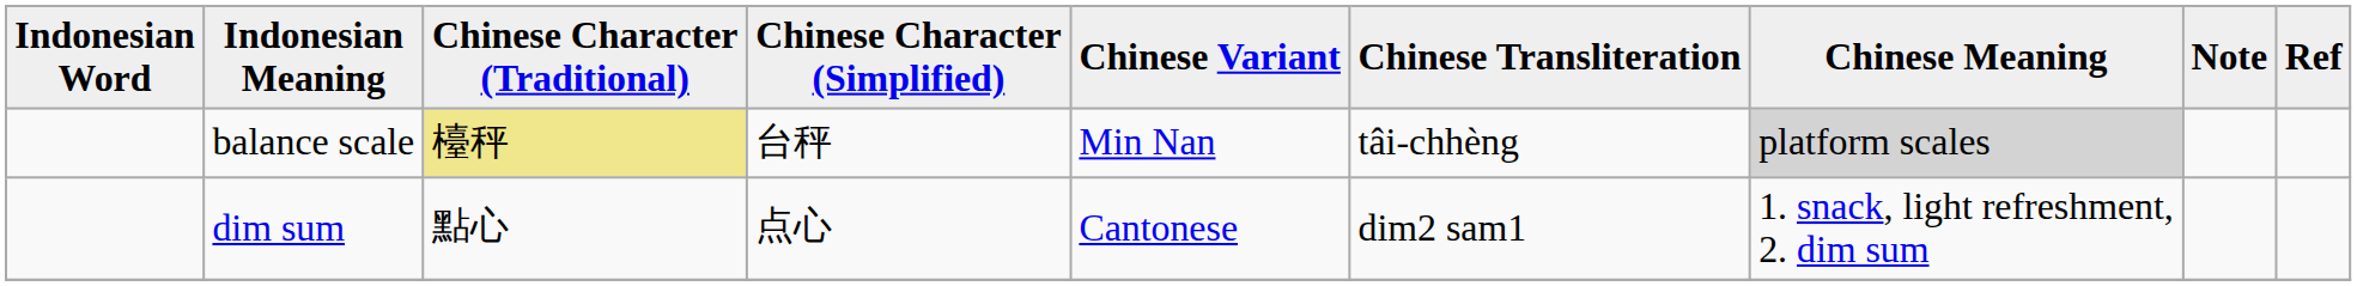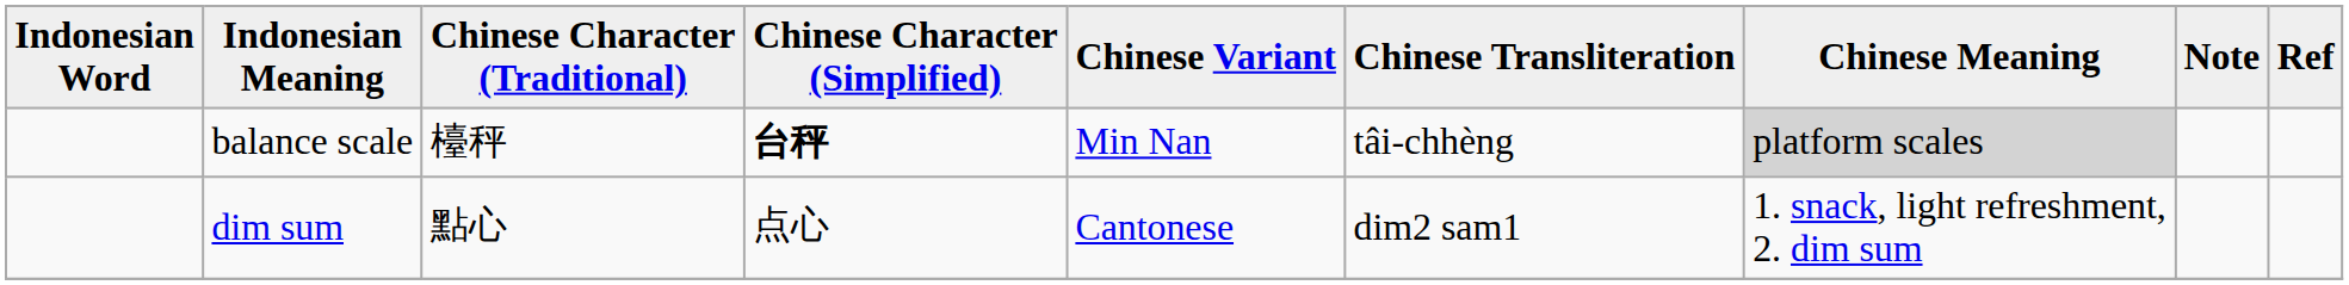 <table class="wikitable">
 <tr>
 <th style="background:#efefef;">Indonesian <br>Word</th>
 <th style="background:#efefef;">Indonesian <br>Meaning</th>
 <th style="background:#efefef;">Chinese Character <br><a href='#'>(Traditional)</a></th>
 <th style="background:#efefef;">Chinese Character <br><a href='#'>(Simplified)</a></th>
 <th style="background:#efefef;">Chinese <a href='#'>Variant</a></th>
 <th style="background:#efefef;">Chinese Transliteration</th>
 <th style="background:#efefef;">Chinese Meaning</th>
 <th style="background:#efefef;">Note</th>
 <th style="background:#efefef;">Ref</th>
 </tr>
 <tr>
 <td></td>
 <td>balance scale</td>
-<td style="background: khaki;">檯秤</td>
-<td>台秤</td>
+<td>檯秤</td>
+<td><strong>台秤</strong></td>
 <td><a href='#'>Min Nan</a></td>
 <td>tâi-chhèng</td>
 <td style="background: lightgrey;">platform scales</td>
 <td></td>
 <td></td>
 </tr>
 <tr>
 <td></td>
 <td><a href='#'>dim sum</a></td>
 <td>點心</td>
 <td>点心</td>
 <td><a href='#'>Cantonese</a></td>
 <td>dim2 sam1</td>
 <td>1. <a href='#'>snack</a>, light refreshment, <br>2. <a href='#'>dim sum</a></td>
 <td></td>
 <td></td>
 </tr>
 <tr>
 </tr>
 </table>
